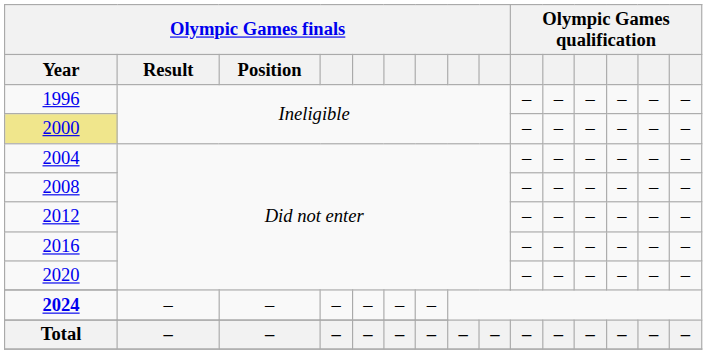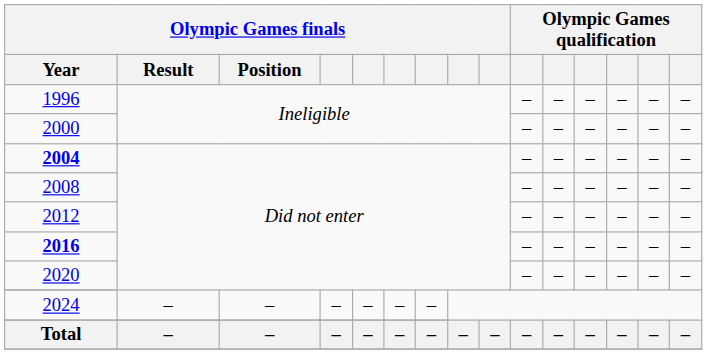 <table class="wikitable" style="text-align:center;">
 <tr>
 <th colspan="9"><a href='#'>Olympic Games finals</a></th>
 <th colspan="6">Olympic Games<br>qualification</th>
 </tr>
 <tr>
 <th style="width:90px;">Year</th>
 <th style="width:80px;">Result</th>
 <th style="width:80px;">Position</th>
 <th style="width:20px;"></th>
 <th style="width:20px;"></th>
 <th style="width:20px;"></th>
 <th style="width:20px;"></th>
 <th style="width:20px;"></th>
 <th style="width:20px;"></th>
 <th style="width:20px;"></th>
 <th style="width:20px;"></th>
 <th style="width:20px;"></th>
 <th style="width:20px;"></th>
 <th style="width:20px;"></th>
 <th style="width:20px;"></th>
 </tr>
 <tr>
 <td> <a href='#'>1996</a></td>
 <td rowspan="2" colspan="8"><em>Ineligible</em></td>
 <td>–</td>
 <td>–</td>
 <td>–</td>
 <td>–</td>
 <td>–</td>
 <td>–</td>
 </tr>
 <tr>
-<td style="background: khaki;"> <a href='#'>2000</a></td>
+<td> <a href='#'>2000</a></td>
 <td>–</td>
 <td>–</td>
 <td>–</td>
 <td>–</td>
 <td>–</td>
 <td>–</td>
 </tr>
 <tr>
-<td> <a href='#'>2004</a></td>
+<td><strong> <a href='#'>2004</a></strong></td>
 <td rowspan="6" colspan="8"><em>Did not enter</em></td>
 <td>–</td>
 <td>–</td>
 <td>–</td>
 <td>–</td>
 <td>–</td>
 <td>–</td>
 </tr>
 <tr>
 <td> <a href='#'>2008</a></td>
 <td>–</td>
 <td>–</td>
 <td>–</td>
 <td>–</td>
 <td>–</td>
 <td>–</td>
 </tr>
 <tr>
 <td> <a href='#'>2012</a></td>
 <td>–</td>
 <td>–</td>
 <td>–</td>
 <td>–</td>
 <td>–</td>
 <td>–</td>
 </tr>
 <tr>
-<td> <a href='#'>2016</a></td>
+<td><strong> <a href='#'>2016</a></strong></td>
 <td>–</td>
 <td>–</td>
 <td>–</td>
 <td>–</td>
 <td>–</td>
 <td>–</td>
 </tr>
 <tr>
 <td> <a href='#'>2020</a></td>
 <td>–</td>
 <td>–</td>
 <td>–</td>
 <td>–</td>
 <td>–</td>
 <td>–</td>
 </tr>
 <tr>
 </tr>
 <tr>
-<td><strong> <a href='#'>2024</a></strong></td>
+<td> <a href='#'>2024</a></td>
 <td>–</td>
 <td>–</td>
 <td>–</td>
 <td>–</td>
 <td>–</td>
 <td>–</td>
 </tr>
 <tr>
 </tr>
 <tr>
 <th>Total</th>
 <th>–</th>
 <th>–</th>
 <th>–</th>
 <th>–</th>
 <th>–</th>
 <th>–</th>
 <th>–</th>
 <th>–</th>
 <th>–</th>
 <th>–</th>
 <th>–</th>
 <th>–</th>
 <th>–</th>
 <th>–</th>
 </tr>
 <tr>
 </tr>
 </table>
